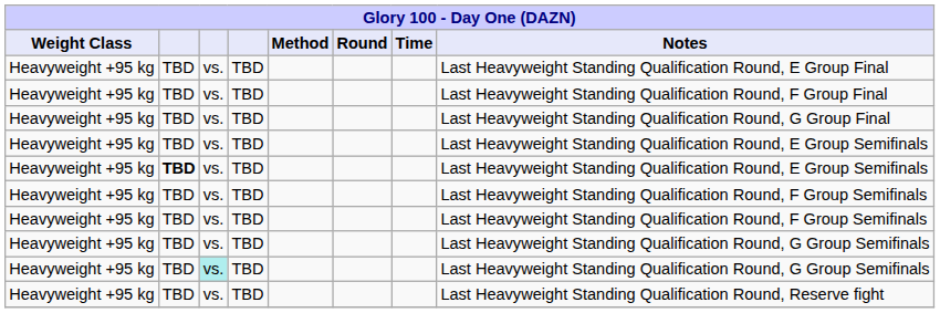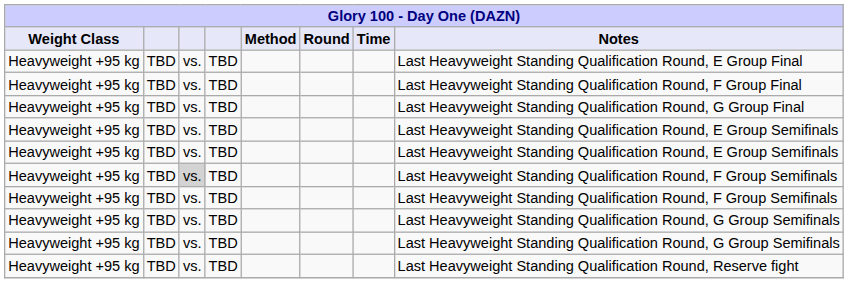 <table class="wikitable" style="font-size: 70%;">
 <tr>
 <th colspan="8" style="background-color: #ccf; color: #000080; text-align: center;"><strong>Glory 100 - Day One (DAZN)</strong></th>
 </tr>
 <tr>
 <th colspan="1" style="background-color: #E6E8FA; color: #000000; text-align: center;">Weight Class</th>
 <th colspan="1" style="background-color: #E6E8FA; color: #000000; text-align: center;"></th>
 <th colspan="1" style="background-color: #E6E8FA; color: #000000; text-align: center;"></th>
 <th colspan="1" style="background-color: #E6E8FA; color: #000000; text-align: center;"></th>
 <th colspan="1" style="background-color: #E6E8FA; color: #000000; text-align: center;">Method</th>
 <th colspan="1" style="background-color: #E6E8FA; color: #000000; text-align: center;">Round</th>
 <th colspan="1" style="background-color: #E6E8FA; color: #000000; text-align: center;">Time</th>
 <th colspan="1" style="background-color: #E6E8FA; color: #000000; text-align: center;">Notes</th>
 </tr>
 <tr>
 <td>Heavyweight +95 kg</td>
 <td> TBD</td>
 <td align=center>vs.</td>
 <td> TBD</td>
 <td></td>
 <td align=center></td>
 <td align=center></td>
 <td>Last Heavyweight Standing Qualification Round, E Group Final</td>
 </tr>
 <tr>
 <td>Heavyweight +95 kg</td>
 <td> TBD</td>
 <td align=center>vs.</td>
 <td> TBD</td>
 <td></td>
 <td align=center></td>
 <td align=center></td>
 <td>Last Heavyweight Standing Qualification Round, F Group Final</td>
 </tr>
 <tr>
 <td>Heavyweight +95 kg</td>
 <td> TBD</td>
 <td align=center>vs.</td>
 <td> TBD</td>
 <td></td>
 <td align=center></td>
 <td align=center></td>
 <td>Last Heavyweight Standing Qualification Round, G Group Final</td>
 </tr>
 <tr>
 <td>Heavyweight +95 kg</td>
 <td>TBD</td>
 <td align=center>vs.</td>
 <td>TBD</td>
 <td></td>
 <td align=center></td>
 <td align=center></td>
 <td>Last Heavyweight Standing Qualification Round, E Group Semifinals</td>
 </tr>
 <tr>
 <td>Heavyweight +95 kg</td>
-<td><strong>TBD</strong></td>
+<td>TBD</td>
 <td align=center>vs.</td>
 <td>TBD</td>
 <td></td>
 <td align=center></td>
 <td align=center></td>
 <td>Last Heavyweight Standing Qualification Round, E Group Semifinals</td>
 </tr>
 <tr>
 <td>Heavyweight +95 kg</td>
 <td>TBD</td>
-<td align=center>vs.</td>
+<td align=center style="background: lightgrey;">vs.</td>
 <td>TBD</td>
 <td></td>
 <td align=center></td>
 <td align=center></td>
 <td>Last Heavyweight Standing Qualification Round, F Group Semifinals</td>
 </tr>
 <tr>
 <td>Heavyweight +95 kg</td>
 <td>TBD</td>
 <td align=center>vs.</td>
 <td>TBD</td>
 <td></td>
 <td align=center></td>
 <td align=center></td>
 <td>Last Heavyweight Standing Qualification Round, F Group Semifinals</td>
 </tr>
 <tr>
 <td>Heavyweight +95 kg</td>
 <td>TBD</td>
 <td align=center>vs.</td>
 <td>TBD</td>
 <td></td>
 <td align=center></td>
 <td align=center></td>
 <td>Last Heavyweight Standing Qualification Round, G Group Semifinals</td>
 </tr>
 <tr>
 <td>Heavyweight +95 kg</td>
 <td>TBD</td>
-<td align=center style="background: paleturquoise;">vs.</td>
+<td align=center>vs.</td>
 <td>TBD</td>
 <td></td>
 <td align=center></td>
 <td align=center></td>
 <td>Last Heavyweight Standing Qualification Round, G Group Semifinals</td>
 </tr>
 <tr>
 <td>Heavyweight +95 kg</td>
 <td>TBD</td>
 <td align=center>vs.</td>
 <td>TBD</td>
 <td></td>
 <td align=center></td>
 <td align=center></td>
 <td>Last Heavyweight Standing Qualification Round, Reserve fight</td>
 </tr>
 <tr>
 </tr>
 </table>
